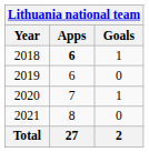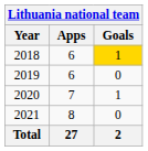 <table class="wikitable" style="text-align:center">
 <tr>
 <th colspan=3><a href='#'>Lithuania national team</a></th>
 </tr>
 <tr>
 <th>Year</th>
 <th>Apps</th>
 <th>Goals</th>
 </tr>
 <tr>
 <td>2018</td>
-<td><strong>6</strong></td>
-<td>1</td>
+<td>6</td>
+<td style="background: gold;">1</td>
 </tr>
 <tr>
 <td>2019</td>
 <td>6</td>
 <td>0</td>
 </tr>
 <tr>
 <td>2020</td>
 <td>7</td>
 <td>1</td>
 </tr>
 <tr>
 <td>2021</td>
 <td>8</td>
 <td>0</td>
 </tr>
 <tr>
 <th>Total</th>
 <th>27</th>
 <th>2</th>
 </tr>
 </table>
